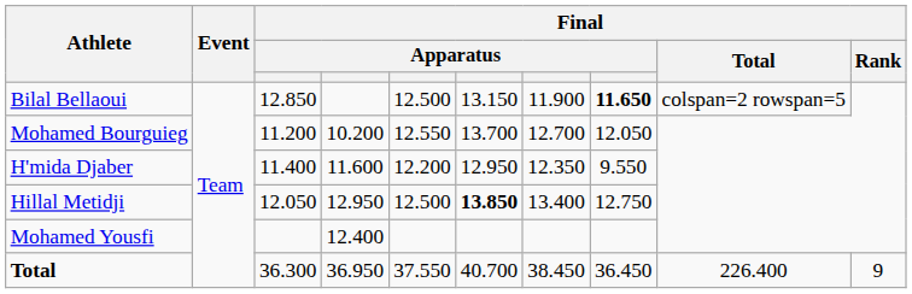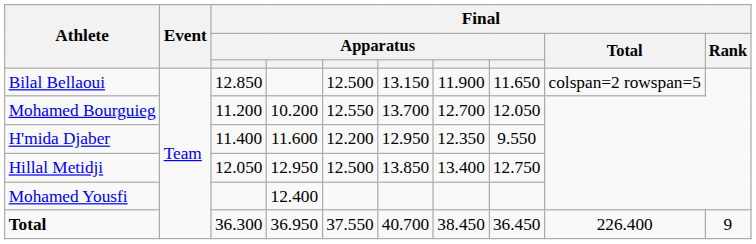 <table class=wikitable style=font-size:90%;text-align:center>
 <tr>
 <th rowspan=3>Athlete</th>
 <th rowspan=3>Event</th>
 <th colspan =8>Final</th>
 </tr>
 <tr style=font-size:95%>
 <th colspan=6>Apparatus</th>
 <th rowspan=2>Total</th>
 <th rowspan=2>Rank</th>
 </tr>
 <tr style=font-size:95%>
 <th></th>
 <th></th>
 <th></th>
 <th></th>
 <th></th>
 <th></th>
 </tr>
 <tr>
 <td align=left><a href='#'>Bilal Bellaoui</a></td>
 <td align=left rowspan=6><a href='#'>Team</a></td>
 <td>12.850</td>
 <td></td>
 <td>12.500</td>
 <td>13.150</td>
 <td>11.900</td>
-<td><strong>11.650</strong></td>
+<td>11.650</td>
 <td>colspan=2 rowspan=5 </td>
 </tr>
 <tr>
 <td align=left><a href='#'>Mohamed Bourguieg</a></td>
 <td>11.200</td>
 <td>10.200</td>
 <td>12.550</td>
 <td>13.700</td>
 <td>12.700</td>
 <td>12.050</td>
 </tr>
 <tr>
 <td align=left><a href='#'>H'mida Djaber</a></td>
 <td>11.400</td>
 <td>11.600</td>
 <td>12.200</td>
 <td>12.950</td>
 <td>12.350</td>
 <td>9.550</td>
 </tr>
 <tr>
 <td align=left><a href='#'>Hillal Metidji</a></td>
 <td>12.050</td>
 <td>12.950</td>
 <td>12.500</td>
-<td><strong>13.850</strong></td>
+<td>13.850</td>
 <td>13.400</td>
 <td>12.750</td>
 </tr>
 <tr>
 <td align=left><a href='#'>Mohamed Yousfi</a></td>
 <td></td>
 <td>12.400</td>
 <td></td>
 <td></td>
 <td></td>
 <td></td>
 </tr>
 <tr>
 <td align=left><strong>Total</strong></td>
 <td>36.300</td>
 <td>36.950</td>
 <td>37.550</td>
 <td>40.700</td>
 <td>38.450</td>
 <td>36.450</td>
 <td>226.400</td>
 <td>9</td>
 </tr>
 </table>
